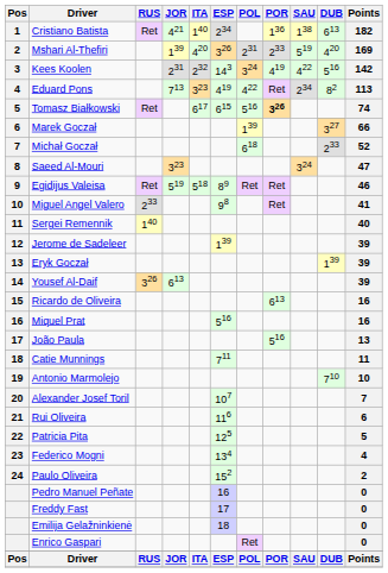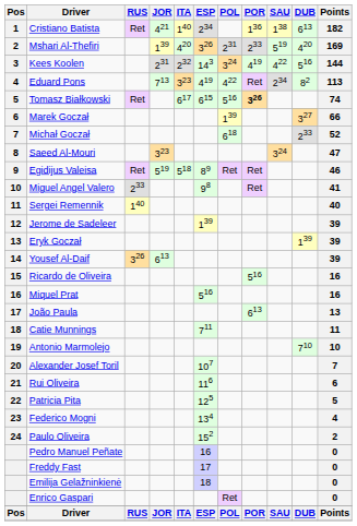 <table class="wikitable" style="font-size: 85%; text-align: center; display: inline-table;">
 <tr valign="top">
 <th valign="middle">Pos</th>
 <th valign="middle">Driver</th>
 <th><a href='#'>RUS</a><br></th>
 <th><a href='#'>JOR</a><br></th>
 <th><a href='#'>ITA</a><br></th>
 <th><a href='#'>ESP</a><br></th>
 <th><a href='#'>POL</a><br></th>
 <th><a href='#'>POR</a><br></th>
 <th><a href='#'>SAU</a><br></th>
 <th><a href='#'>DUB</a><br></th>
 <th valign="middle">Points</th>
 </tr>
 <tr>
 <th>1</th>
 <td align=left> <a href='#'>Cristiano Batista</a></td>
 <td style="background:#efcfff;">Ret</td>
 <td style="background:#dfffdf;">4<sup>21</sup></td>
 <td style="background:#ffffbf;">1<sup>40</sup></td>
 <td style="background:#dfdfdf;">2<sup>34</sup></td>
 <td></td>
 <td style="background:#ffffbf;">1<sup>36</sup></td>
 <td style="background:#ffffbf;">1<sup>38</sup></td>
 <td style="background:#dfffdf;">6<sup>13</sup></td>
 <th>182</th>
 </tr>
 <tr>
 <th>2</th>
 <td align=left> <a href='#'>Mshari Al-Thefiri</a></td>
 <td></td>
 <td style="background:#ffffbf;">1<sup>39</sup></td>
 <td style="background:#dfffdf;">4<sup>20</sup></td>
 <td style="background:#ffdf9f;">3<sup>26</sup></td>
 <td style="background:#dfdfdf;">2<sup>31</sup></td>
 <td style="background:#dfdfdf;">2<sup>33</sup></td>
 <td style="background:#dfffdf;">5<sup>19</sup></td>
 <td style="background:#dfffdf;">4<sup>20</sup></td>
 <th>169</th>
 </tr>
 <tr>
 <th>3</th>
 <td align=left> <a href='#'>Kees Koolen</a></td>
 <td></td>
 <td style="background:#dfdfdf;">2<sup>31</sup></td>
 <td style="background:#dfdfdf;">2<sup>32</sup></td>
 <td style="background:#dfffdf;">14<sup>3</sup></td>
 <td style="background:#ffdf9f;">3<sup>24</sup></td>
 <td style="background:#dfffdf;">4<sup>19</sup></td>
 <td style="background:#dfffdf;">4<sup>22</sup></td>
 <td style="background:#dfffdf;">5<sup>16</sup></td>
-<th>142</th>
+<th>144</th>
 </tr>
 <tr>
 <th>4</th>
 <td align=left> <a href='#'>Eduard Pons</a></td>
 <td></td>
 <td style="background:#dfffdf;">7<sup>13</sup></td>
 <td style="background:#ffdf9f;">3<sup>23</sup></td>
 <td style="background:#dfffdf;">4<sup>19</sup></td>
 <td style="background:#dfffdf;">4<sup>22</sup></td>
 <td style="background:#efcfff;">Ret</td>
 <td style="background:#dfdfdf;">2<sup>34</sup></td>
 <td style="background:#dfffdf;">8<sup>2</sup></td>
 <th>113</th>
 </tr>
 <tr>
 <th>5</th>
 <td align=left> <a href='#'>Tomasz Białkowski</a></td>
 <td style="background:#efcfff;">Ret</td>
 <td></td>
 <td style="background:#dfffdf;">6<sup>17</sup></td>
 <td style="background:#dfffdf;">6<sup>15</sup></td>
 <td style="background:#dfffdf;">5<sup>16</sup></td>
 <td style="background:#ffdf9f;"><strong>3<sup>26</sup></strong></td>
 <td></td>
 <td></td>
 <th>74</th>
 </tr>
 <tr>
 <th>6</th>
 <td align=left> <a href='#'>Marek Goczał</a></td>
 <td></td>
 <td></td>
 <td></td>
 <td></td>
 <td style="background:#ffffbf;">1<sup>39</sup></td>
 <td></td>
 <td></td>
 <td style="background:#ffdf9f;">3<sup>27</sup></td>
 <th>66</th>
 </tr>
 <tr>
 <th>7</th>
 <td align=left> <a href='#'>Michał Goczał</a></td>
 <td></td>
 <td></td>
 <td></td>
 <td></td>
 <td style="background:#dfffdf;">6<sup>18</sup></td>
 <td></td>
 <td></td>
 <td style="background:#dfdfdf;">2<sup>33</sup></td>
 <th>52</th>
 </tr>
 <tr>
 <th>8</th>
 <td align=left> <a href='#'>Saeed Al-Mouri</a></td>
 <td></td>
 <td style="background:#ffdf9f;">3<sup>23</sup></td>
 <td></td>
 <td></td>
 <td></td>
 <td></td>
 <td style="background:#ffdf9f;">3<sup>24</sup></td>
 <td></td>
 <th>47</th>
 </tr>
 <tr>
 <th>9</th>
 <td align=left> <a href='#'>Egidijus Valeisa</a></td>
 <td style="background:#efcfff;">Ret</td>
 <td style="background:#dfffdf;">5<sup>19</sup></td>
 <td style="background:#dfffdf;">5<sup>18</sup></td>
 <td style="background:#dfffdf;">8<sup>9</sup></td>
 <td style="background:#efcfff;">Ret</td>
 <td style="background:#efcfff;">Ret</td>
 <td></td>
 <td></td>
 <th>46</th>
 </tr>
 <tr>
 <th>10</th>
 <td align=left> <a href='#'>Miguel Angel Valero</a></td>
 <td style="background:#dfdfdf;">2<sup>33</sup></td>
 <td></td>
 <td></td>
 <td style="background:#dfffdf;">9<sup>8</sup></td>
 <td></td>
 <td style="background:#efcfff;">Ret</td>
 <td></td>
 <td></td>
 <th>41</th>
 </tr>
 <tr>
 <th>11</th>
 <td align=left> <a href='#'>Sergei Remennik</a></td>
 <td style="background:#ffffbf;">1<sup>40</sup></td>
 <td></td>
 <td></td>
 <td></td>
 <td></td>
 <td></td>
 <td></td>
 <td></td>
 <th>40</th>
 </tr>
 <tr>
 <th>12</th>
 <td align=left> <a href='#'>Jerome de Sadeleer</a></td>
 <td></td>
 <td></td>
 <td></td>
 <td style="background:#ffffbf;">1<sup>39</sup></td>
 <td></td>
 <td></td>
 <td></td>
 <td></td>
 <th>39</th>
 </tr>
 <tr>
 <th>13</th>
 <td align=left> <a href='#'>Eryk Goczał</a></td>
 <td></td>
 <td></td>
 <td></td>
 <td></td>
 <td></td>
 <td></td>
 <td></td>
 <td style="background:#ffffbf;">1<sup>39</sup></td>
 <th>39</th>
 </tr>
 <tr>
 <th>14</th>
 <td align=left> <a href='#'>Yousef Al-Daif</a></td>
 <td style="background:#ffdf9f;">3<sup>26</sup></td>
 <td style="background:#dfffdf;">6<sup>13</sup></td>
 <td></td>
 <td></td>
 <td></td>
 <td></td>
 <td></td>
 <td></td>
 <th>39</th>
 </tr>
 <tr>
 <th>15</th>
 <td align=left> <a href='#'>Ricardo de Oliveira</a></td>
 <td></td>
 <td></td>
 <td></td>
 <td></td>
 <td></td>
-<td style="background:#dfffdf;">6<sup>13</sup></td>
+<td style="background:#dfffdf;">5<sup>16</sup></td>
 <td></td>
 <td></td>
 <th>16</th>
 </tr>
 <tr>
 <th>16</th>
 <td align=left> <a href='#'>Miquel Prat</a></td>
 <td></td>
 <td></td>
 <td></td>
 <td style="background:#dfffdf;">5<sup>16</sup></td>
 <td></td>
 <td></td>
 <td></td>
 <td></td>
 <th>16</th>
 </tr>
 <tr>
 <th>17</th>
 <td align=left> <a href='#'>João Paula</a></td>
 <td></td>
 <td></td>
 <td></td>
 <td></td>
 <td></td>
-<td style="background:#dfffdf;">5<sup>16</sup></td>
+<td style="background:#dfffdf;">6<sup>13</sup></td>
 <td></td>
 <td></td>
 <th>13</th>
 </tr>
 <tr>
 <th>18</th>
 <td align=left> <a href='#'>Catie Munnings</a></td>
 <td></td>
 <td></td>
 <td></td>
 <td style="background:#dfffdf;">7<sup>11</sup></td>
 <td></td>
 <td></td>
 <td></td>
 <td></td>
 <th>11</th>
 </tr>
 <tr>
 <th>19</th>
 <td align=left> <a href='#'>Antonio Marmolejo</a></td>
 <td></td>
 <td></td>
 <td></td>
 <td></td>
 <td></td>
 <td></td>
 <td></td>
 <td style="background:#dfffdf;">7<sup>10</sup></td>
 <th>10</th>
 </tr>
 <tr>
 <th>20</th>
 <td align=left> <a href='#'>Alexander Josef Toril</a></td>
 <td></td>
 <td></td>
 <td></td>
 <td style="background:#dfffdf;">10<sup>7</sup></td>
 <td></td>
 <td></td>
 <td></td>
 <td></td>
 <th>7</th>
 </tr>
 <tr>
 <th>21</th>
 <td align=left> <a href='#'>Rui Oliveira</a></td>
 <td></td>
 <td></td>
 <td></td>
 <td style="background:#dfffdf;">11<sup>6</sup></td>
 <td></td>
 <td></td>
 <td></td>
 <td></td>
 <th>6</th>
 </tr>
 <tr>
 <th>22</th>
 <td align=left> <a href='#'>Patricia Pita</a></td>
 <td></td>
 <td></td>
 <td></td>
 <td style="background:#dfffdf;">12<sup>5</sup></td>
 <td></td>
 <td></td>
 <td></td>
 <td></td>
 <th>5</th>
 </tr>
 <tr>
 <th>23</th>
 <td align=left> <a href='#'>Federico Mogni</a></td>
 <td></td>
 <td></td>
 <td></td>
 <td style="background:#dfffdf;">13<sup>4</sup></td>
 <td></td>
 <td></td>
 <td></td>
 <td></td>
 <th>4</th>
 </tr>
 <tr>
 <th>24</th>
 <td align=left> <a href='#'>Paulo Oliveira</a></td>
 <td></td>
 <td></td>
 <td></td>
 <td style="background:#dfffdf;">15<sup>2</sup></td>
 <td></td>
 <td></td>
 <td></td>
 <td></td>
 <th>2</th>
 </tr>
 <tr>
 <th></th>
 <td align=left> <a href='#'>Pedro Manuel Peñate</a></td>
 <td></td>
 <td></td>
 <td></td>
 <td style="background:#cfcfff;">16</td>
 <td></td>
 <td></td>
 <td></td>
 <td></td>
 <th>0</th>
 </tr>
 <tr>
 <th></th>
 <td align=left> <a href='#'>Freddy Fast</a></td>
 <td></td>
 <td></td>
 <td></td>
 <td style="background:#cfcfff;">17</td>
 <td></td>
 <td></td>
 <td></td>
 <td></td>
 <th>0</th>
 </tr>
 <tr>
 <th></th>
 <td align=left> <a href='#'>Emilija Gelažninkienė</a></td>
 <td></td>
 <td></td>
 <td></td>
 <td style="background:#cfcfff;">18</td>
 <td></td>
 <td></td>
 <td></td>
 <td></td>
 <th>0</th>
 </tr>
 <tr>
 <th></th>
 <td align=left> <a href='#'>Enrico Gaspari</a></td>
 <td></td>
 <td></td>
 <td></td>
 <td></td>
 <td style="background:#efcfff;">Ret</td>
 <td></td>
 <td></td>
 <td></td>
 <th>0</th>
 </tr>
 <tr>
 </tr>
 <tr valign="top">
 <th valign="middle">Pos</th>
 <th valign="middle">Driver</th>
 <th><a href='#'>RUS</a><br></th>
 <th><a href='#'>JOR</a><br></th>
 <th><a href='#'>ITA</a><br></th>
 <th><a href='#'>ESP</a><br></th>
 <th><a href='#'>POL</a><br></th>
 <th><a href='#'>POR</a><br></th>
 <th><a href='#'>SAU</a><br></th>
 <th><a href='#'>DUB</a><br></th>
 <th valign="middle">Points</th>
 </tr>
 <tr>
 </tr>
 </table>
